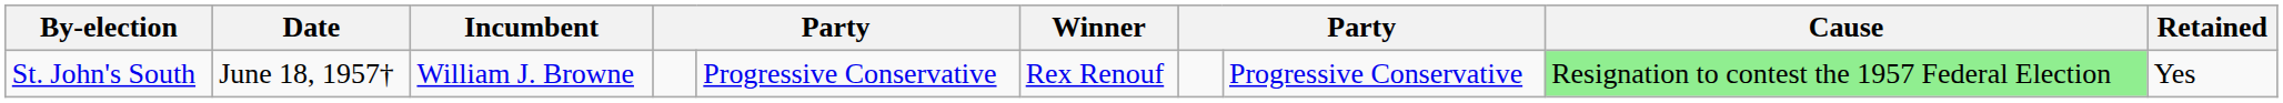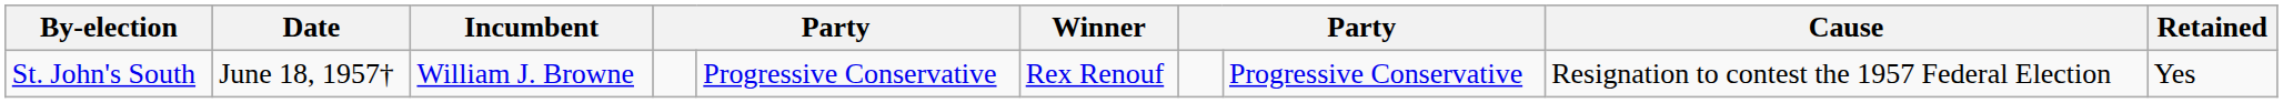 <table class=wikitable style="width:100%">
 <tr>
 <th>By-election</th>
 <th>Date</th>
 <th>Incumbent</th>
 <th colspan=2>Party</th>
 <th>Winner</th>
 <th colspan=2>Party</th>
 <th>Cause</th>
 <th>Retained</th>
 </tr>
 <tr>
 <td><a href='#'>St. John's South</a></td>
 <td>June 18, 1957†</td>
 <td><a href='#'>William J. Browne</a></td>
 <td>    </td>
 <td><a href='#'>Progressive Conservative</a></td>
 <td><a href='#'>Rex Renouf</a></td>
 <td>    </td>
 <td><a href='#'>Progressive Conservative</a></td>
-<td style="background: lightgreen;">Resignation to contest the 1957 Federal Election</td>
+<td>Resignation to contest the 1957 Federal Election</td>
 <td>Yes</td>
 </tr>
 </table>
